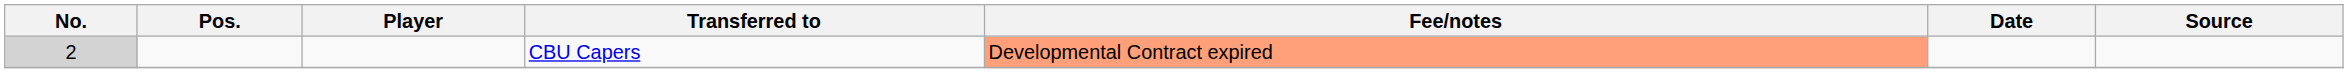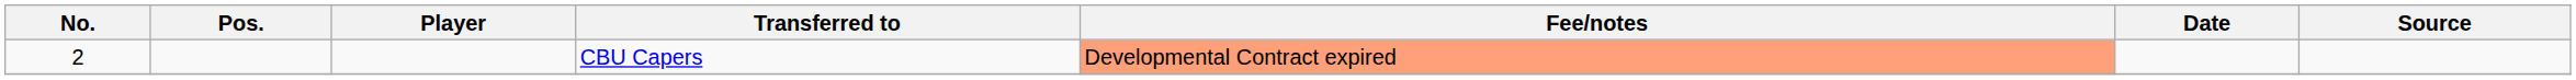 <table class="wikitable sortable" style="width:90%; text-align:center; font-size:95%; text-align:left;">
 <tr>
 <th>No.</th>
 <th>Pos.</th>
 <th>Player</th>
 <th>Transferred to</th>
 <th>Fee/notes</th>
 <th>Date</th>
 <th>Source</th>
 </tr>
 <tr>
-<td align=center style="background: lightgrey;">2</td>
+<td align=center>2</td>
 <td align=center></td>
 <td></td>
 <td> <a href='#'>CBU Capers</a></td>
 <td style="background: lightsalmon;">Developmental Contract expired</td>
 <td></td>
 <td></td>
 </tr>
 <tr>
 </tr>
 </table>
